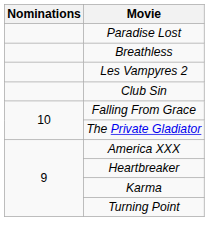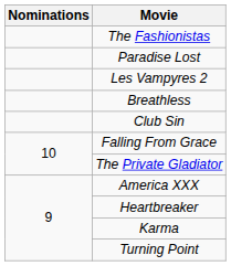 <table class="wikitable" style="text-align:center;">
 <tr>
 <th scope="col" width="55">Nominations</th>
 <th scope="col" align="center">Movie</th>
 </tr>
 <tr>
 <td></td>
+<td><em>The <a href='#'>Fashionistas</a></em></td>
+</tr>
+<tr>
+<td></td>
 <td><em>Paradise Lost</em></td>
 </tr>
 <tr>
 <td></td>
-<td><em>Breathless</em></td>
+<td><em>Les Vampyres 2</em></td>
 </tr>
 <tr>
 <td></td>
-<td><em>Les Vampyres 2</em></td>
+<td><em>Breathless</em></td>
 </tr>
 <tr>
 <td></td>
 <td><em>Club Sin</em></td>
 </tr>
 <tr>
 <td rowspan=2 style="text-align:center">10</td>
 <td><em>Falling From Grace</em></td>
 </tr>
 <tr>
 <td><em>The <a href='#'>Private Gladiator</a></em></td>
 </tr>
 <tr>
 <td rowspan=4 style="text-align:center">9</td>
 <td><em>America XXX</em></td>
 </tr>
 <tr>
 <td><em>Heartbreaker</em></td>
 </tr>
 <tr>
 <td><em>Karma</em></td>
 </tr>
 <tr>
 <td><em>Turning Point</em></td>
 </tr>
 </table>
